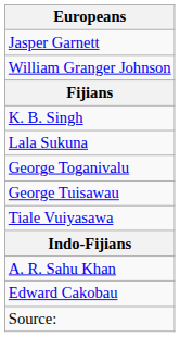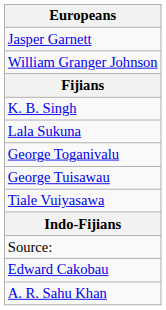 <table class=wikitable>
 <tr>
 <th>Europeans</th>
 </tr>
 <tr>
 <td><a href='#'>Jasper Garnett</a></td>
 </tr>
 <tr>
 <td><a href='#'>William Granger Johnson</a></td>
 </tr>
 <tr>
 <th>Fijians</th>
 </tr>
 <tr>
 <td><a href='#'>K. B. Singh</a></td>
 </tr>
 <tr>
 <td><a href='#'>Lala Sukuna</a></td>
 </tr>
 <tr>
 <td><a href='#'>George Toganivalu</a></td>
 </tr>
 <tr>
 <td><a href='#'>George Tuisawau</a></td>
 </tr>
 <tr>
 <td><a href='#'>Tiale Vuiyasawa</a></td>
 </tr>
 <tr>
 <th>Indo-Fijians</th>
 </tr>
 <tr>
-<td><a href='#'>A. R. Sahu Khan</a></td>
+<td>Source: </td>
 </tr>
 <tr>
 <td><a href='#'>Edward Cakobau</a></td>
 </tr>
 <tr>
-<td>Source: </td>
+<td><a href='#'>A. R. Sahu Khan</a></td>
 </tr>
 </table>
